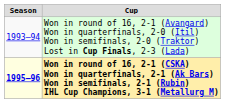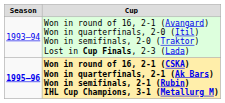 <table class="wikitable">
 <tr style="text-align:center; font-size:small; background:#ddd; padding:5px;"|>
 <td><strong>Season</strong></td>
 <td><strong>Cup</strong></td>
 </tr>
 <tr>
 <td><a href='#'>1993–94</a></td>
 <td style="background: #ddffdd;">Won in round of 16, 2-1 (<a href='#'>Avangard</a>) <br> Won in quarterfinals, 2-0 (<a href='#'>Itil</a>) <br> Won in semifinals, 2-0 (<a href='#'>Traktor</a>) <br> Lost in <strong>Cup Finals</strong>, 2-3 (<a href='#'>Lada</a>) <br></td>
 </tr>
 <tr>
-<td style="background: lightyellow;"><strong><a href='#'>1995–96</a></strong></td>
+<td><strong><a href='#'>1995–96</a></strong></td>
 <td style="background: #ffeeaa;"><strong>Won in round of 16, 2-1 (<a href='#'>CSKA</a>) <br> Won in quarterfinals, 2-1 (<a href='#'>Ak Bars</a>) <br> Won in semifinals, 2-1 (<a href='#'>Rubin</a>) <br> IHL Cup Champions, 3-1 (<a href='#'>Metallurg M</a>)</strong> <br></td>
 </tr>
 </table>
